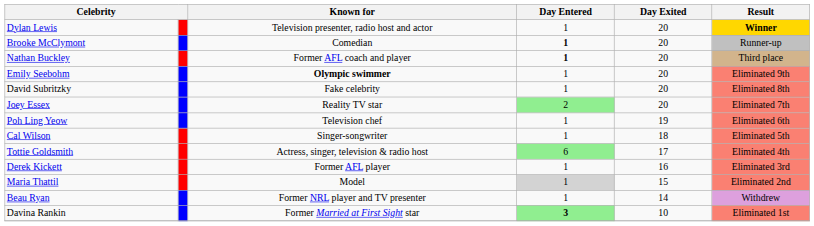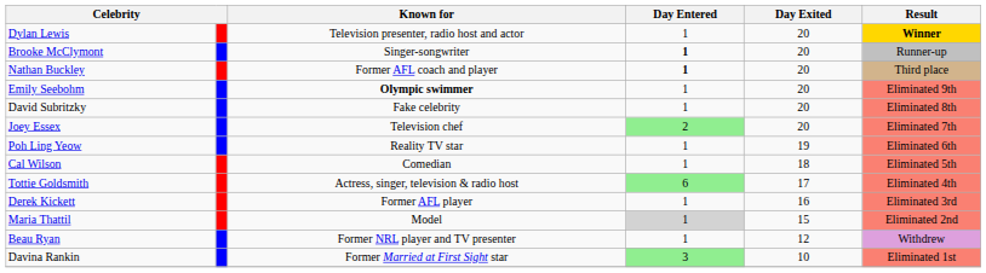 <table class="wikitable" style="margin:auto; text-align:center;">
 <tr>
 <th style="width:15%;" colspan="2">Celebrity</th>
 <th style="width:27%;" scope="col">Known for</th>
 <th style="width:8%;" scope="col">Day Entered</th>
 <th style="width:8%;" scope="col">Day Exited</th>
 <th style="width:8%;" scope="col">Result</th>
 </tr>
 <tr>
 <td align=left><a href='#'>Dylan Lewis</a></td>
 <td style=background:red></td>
 <td>Television presenter, radio host and actor</td>
 <td>1</td>
 <td>20</td>
 <td style=background:gold><strong>Winner</strong></td>
 </tr>
 <tr>
 <td align=left><a href='#'>Brooke McClymont</a></td>
 <td style=background:blue></td>
-<td>Comedian</td>
+<td>Singer-songwriter</td>
 <td><strong>1</strong></td>
 <td>20</td>
 <td style=background:silver>Runner-up</td>
 </tr>
 <tr>
 <td align=left><a href='#'>Nathan Buckley</a></td>
 <td style=background:red></td>
 <td>Former <a href='#'>AFL</a> coach and player</td>
 <td><strong>1</strong></td>
 <td>20</td>
 <td style=background:tan>Third place</td>
 </tr>
 <tr>
 <td align=left><a href='#'>Emily Seebohm</a></td>
 <td style=background:blue></td>
 <td><strong>Olympic swimmer</strong></td>
 <td>1</td>
 <td>20</td>
 <td style="background:salmon">Eliminated 9th</td>
 </tr>
 <tr>
 <td align=left>David Subritzky</td>
 <td style=background:blue></td>
 <td>Fake celebrity</td>
 <td>1</td>
 <td>20</td>
 <td style="background:salmon">Eliminated 8th</td>
 </tr>
 <tr>
 <td align=left><a href='#'>Joey Essex</a></td>
 <td style=background:blue></td>
-<td>Reality TV star</td>
+<td>Television chef</td>
 <td style=background:lightgreen>2</td>
 <td>20</td>
 <td style="background:salmon">Eliminated 7th</td>
 </tr>
 <tr>
 <td align=left><a href='#'>Poh Ling Yeow</a></td>
 <td style=background:blue></td>
-<td>Television chef</td>
+<td>Reality TV star</td>
 <td>1</td>
 <td>19</td>
 <td style="background:salmon">Eliminated 6th</td>
 </tr>
 <tr>
 <td align=left><a href='#'>Cal Wilson</a></td>
 <td style=background:red></td>
-<td>Singer-songwriter</td>
+<td>Comedian</td>
 <td>1</td>
 <td>18</td>
 <td style="background:salmon">Eliminated 5th</td>
 </tr>
 <tr>
 <td align=left><a href='#'>Tottie Goldsmith</a></td>
 <td style=background:red></td>
 <td>Actress, singer, television & radio host</td>
 <td style=background:lightgreen>6</td>
 <td>17</td>
 <td style="background:salmon">Eliminated 4th</td>
 </tr>
 <tr>
 <td align=left><a href='#'>Derek Kickett</a></td>
 <td style=background:red></td>
 <td>Former <a href='#'>AFL</a> player</td>
 <td>1</td>
 <td>16</td>
 <td style="background:salmon">Eliminated 3rd</td>
 </tr>
 <tr>
 <td align=left><a href='#'>Maria Thattil</a></td>
 <td style=background:red></td>
 <td>Model</td>
 <td style="background: lightgrey;">1</td>
 <td>15</td>
 <td style="background:salmon">Eliminated 2nd</td>
 </tr>
 <tr>
 <td align=left><a href='#'>Beau Ryan</a></td>
 <td style=background:blue></td>
 <td>Former <a href='#'>NRL</a> player and TV presenter</td>
 <td>1</td>
-<td>14</td>
+<td>12</td>
 <td style="background:plum">Withdrew</td>
 </tr>
 <tr>
 <td align=left>Davina Rankin</td>
 <td style=background:blue></td>
 <td>Former <em><a href='#'>Married at First Sight</a></em> star</td>
-<td style=background:lightgreen><strong>3</strong></td>
+<td style=background:lightgreen>3</td>
 <td>10</td>
 <td style="background:salmon">Eliminated 1st</td>
 </tr>
 <tr>
 </tr>
 </table>
